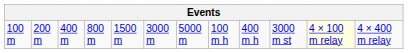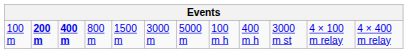 <table class="wikitable" style="margin: 1em auto 1em auto">
 <tr>
 <th colspan=12>Events</th>
 </tr>
 <tr>
 <td><a href='#'>100 m</a></td>
-<td><a href='#'>200 m</a></td>
-<td><a href='#'>400 m</a></td>
+<td><strong><a href='#'>200 m</a></strong></td>
+<td><strong><a href='#'>400 m</a></strong></td>
 <td><a href='#'>800 m</a></td>
 <td><a href='#'>1500 m</a></td>
 <td><a href='#'>3000 m</a></td>
 <td><a href='#'>5000 m</a></td>
 <td><a href='#'>100 m h</a></td>
 <td><a href='#'>400 m h</a></td>
 <td><a href='#'>3000 m st</a></td>
-<td style="background: lightyellow;"><a href='#'>4 × 100 m relay</a></td>
+<td><a href='#'>4 × 100 m relay</a></td>
 <td><a href='#'>4 × 400 m relay</a></td>
 </tr>
 </table>
